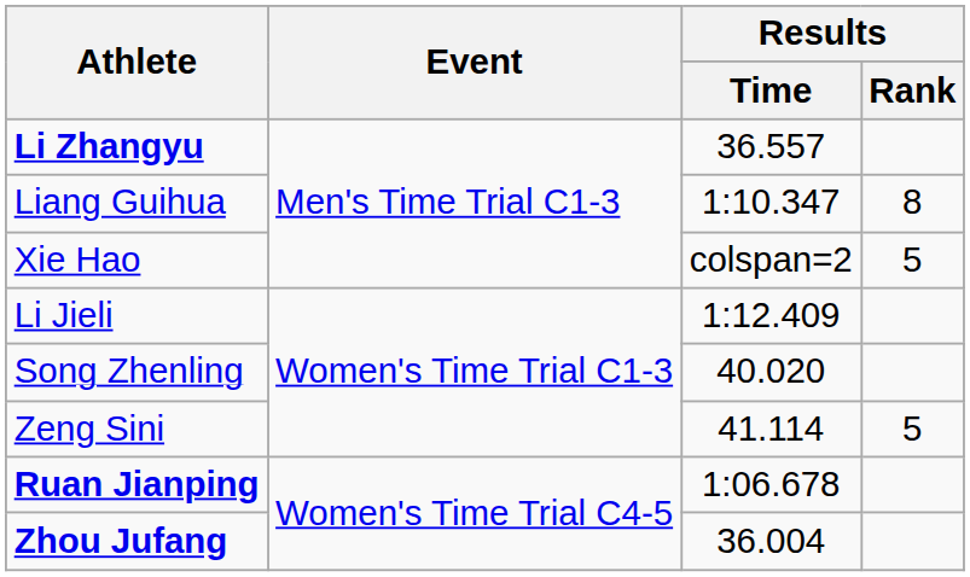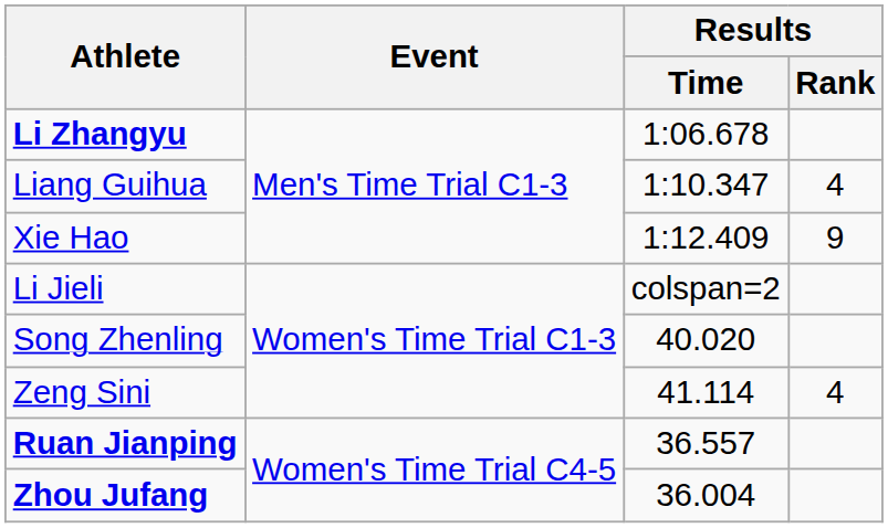 <table class=wikitable>
 <tr>
 <th rowspan="2">Athlete</th>
 <th rowspan="2">Event</th>
 <th colspan="2">Results</th>
 </tr>
 <tr>
 <th>Time</th>
 <th>Rank</th>
 </tr>
 <tr align=center>
 <td align=left><strong><a href='#'>Li Zhangyu</a></strong></td>
 <td align=left rowspan=3><a href='#'>Men's Time Trial C1-3</a></td>
-<td>36.557</td>
+<td>1:06.678 </td>
 <td></td>
 </tr>
 <tr align=center>
 <td align=left><a href='#'>Liang Guihua</a></td>
 <td>1:10.347</td>
-<td>8</td>
+<td>4</td>
 </tr>
 <tr align=center>
 <td align=left><a href='#'>Xie Hao</a></td>
-<td>colspan=2 </td>
-<td>5</td>
+<td>1:12.409</td>
+<td>9</td>
 </tr>
 <tr align=center>
 <td align=left><a href='#'>Li Jieli</a></td>
 <td align=left rowspan=3><a href='#'>Women's Time Trial C1-3</a></td>
-<td>1:12.409</td>
+<td>colspan=2 </td>
 </tr>
 <tr align=center>
 <td align=left><a href='#'>Song Zhenling</a></td>
 <td>40.020</td>
 <td></td>
 </tr>
 <tr align=center>
 <td align=left><a href='#'>Zeng Sini</a></td>
 <td>41.114</td>
-<td>5</td>
+<td>4</td>
 </tr>
 <tr align=center>
 <td align=left><strong><a href='#'>Ruan Jianping</a></strong></td>
 <td align=left rowspan=2><a href='#'>Women's Time Trial C4-5</a></td>
-<td>1:06.678 </td>
+<td>36.557</td>
 <td></td>
 </tr>
 <tr align=center>
 <td align=left><strong><a href='#'>Zhou Jufang</a></strong></td>
 <td>36.004 </td>
 <td></td>
 </tr>
 </table>
